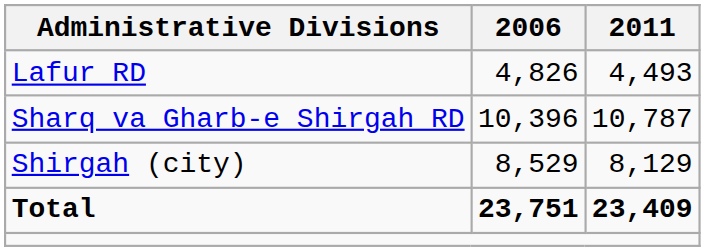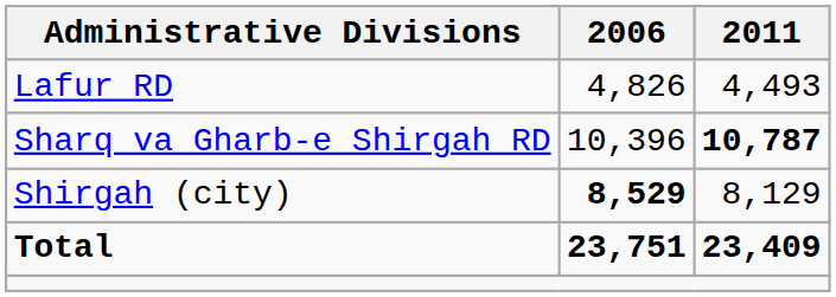 <table class="wikitable">
 <tr>
 <th>Administrative Divisions</th>
 <th>2006</th>
 <th>2011</th>
 </tr>
 <tr>
 <td><a href='#'>Lafur RD</a></td>
 <td style="text-align: right;">4,826</td>
 <td style="text-align: right;">4,493</td>
 </tr>
 <tr>
 <td><a href='#'>Sharq va Gharb-e Shirgah RD</a></td>
 <td style="text-align: right;">10,396</td>
-<td style="text-align: right;">10,787</td>
+<td style="text-align: right;"><strong>10,787</strong></td>
 </tr>
 <tr>
 <td><a href='#'>Shirgah</a> (city)</td>
-<td style="text-align: right;">8,529</td>
+<td style="text-align: right;"><strong>8,529</strong></td>
 <td style="text-align: right;">8,129</td>
 </tr>
 <tr>
 <td><strong>Total</strong></td>
 <td style="text-align: right;"><strong>23,751</strong></td>
 <td style="text-align: right;"><strong>23,409</strong></td>
 </tr>
 <tr>
 <td colspan=4></td>
 </tr>
 </table>
